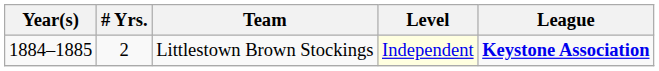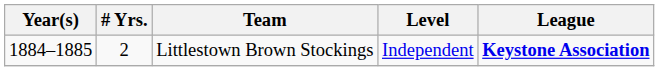 <table class="wikitable" style="text-align:center; font-size: 95%;">
 <tr>
 <th>Year(s)</th>
 <th># Yrs.</th>
 <th>Team</th>
 <th>Level</th>
 <th>League</th>
 </tr>
 <tr>
 <td>1884–1885</td>
 <td>2</td>
 <td>Littlestown Brown Stockings</td>
-<td style="background: lightyellow;"><a href='#'>Independent</a></td>
+<td><a href='#'>Independent</a></td>
 <td><strong><a href='#'>Keystone Association</a></strong></td>
 </tr>
 <tr>
 </tr>
 </table>
